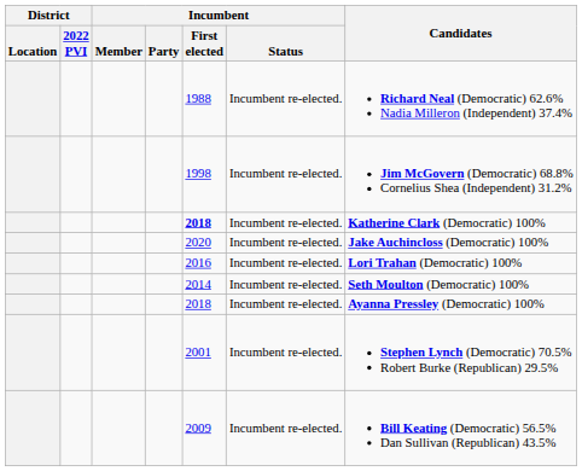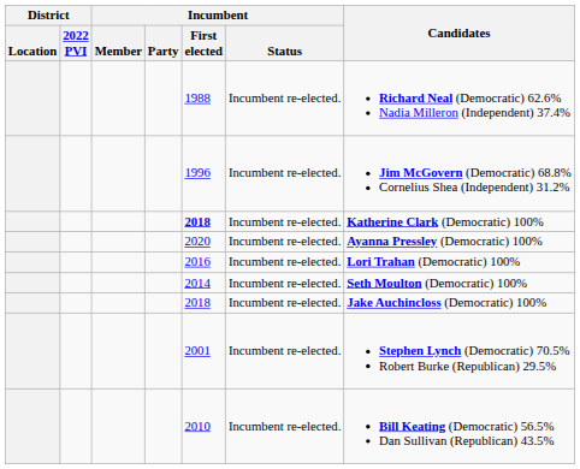 <table class="wikitable sortable">
 <tr>
 <th colspan=2>District</th>
 <th colspan=4>Incumbent</th>
 <th rowspan=2 class="unsortable">Candidates</th>
 </tr>
 <tr valign=bottom>
 <th>Location</th>
 <th><a href='#'>2022<br>PVI</a></th>
 <th>Member</th>
 <th>Party</th>
 <th>First<br>elected</th>
 <th>Status</th>
 </tr>
 <tr>
 <th></th>
 <td></td>
 <td></td>
 <td></td>
 <td><a href='#'>1988</a></td>
 <td>Incumbent re-elected.</td>
 <td nowrap><br><ul><li> <strong><a href='#'>Richard Neal</a></strong> (Democratic) 62.6%</li><li><a href='#'>Nadia Milleron</a> (Independent) 37.4%</li></ul></td>
 </tr>
 <tr>
 <th></th>
 <td></td>
 <td></td>
 <td></td>
-<td><a href='#'>1998</a></td>
+<td><a href='#'>1996</a></td>
 <td>Incumbent re-elected.</td>
 <td nowrap><br><ul><li> <strong><a href='#'>Jim McGovern</a></strong> (Democratic) 68.8%</li><li>Cornelius Shea (Independent) 31.2%</li></ul></td>
 </tr>
 <tr>
 <th></th>
 <td></td>
 <td></td>
 <td></td>
 <td><strong><a href='#'>2018</a></strong></td>
 <td>Incumbent re-elected.</td>
 <td nowrap> <strong><a href='#'>Katherine Clark</a></strong> (Democratic) 100%</td>
 </tr>
 <tr>
 <th></th>
 <td></td>
 <td></td>
 <td></td>
 <td><a href='#'>2020</a></td>
 <td>Incumbent re-elected.</td>
-<td nowrap> <strong><a href='#'>Jake Auchincloss</a></strong> (Democratic) 100%</td>
+<td nowrap> <strong><a href='#'>Ayanna Pressley</a></strong> (Democratic) 100%</td>
 </tr>
 <tr>
 <th></th>
 <td></td>
 <td></td>
 <td></td>
 <td><a href='#'>2016 </a></td>
 <td>Incumbent re-elected.</td>
 <td nowrap> <strong><a href='#'>Lori Trahan</a></strong> (Democratic) 100%</td>
 </tr>
 <tr>
 <th></th>
 <td></td>
 <td></td>
 <td></td>
 <td><a href='#'>2014</a></td>
 <td>Incumbent re-elected.</td>
 <td nowrap> <strong><a href='#'>Seth Moulton</a></strong> (Democratic) 100%</td>
 </tr>
 <tr>
 <th></th>
 <td></td>
 <td></td>
 <td></td>
 <td><a href='#'>2018</a></td>
 <td>Incumbent re-elected.</td>
-<td nowrap> <strong><a href='#'>Ayanna Pressley</a></strong> (Democratic) 100%</td>
+<td nowrap> <strong><a href='#'>Jake Auchincloss</a></strong> (Democratic) 100%</td>
 </tr>
 <tr>
 <th></th>
 <td></td>
 <td></td>
 <td></td>
 <td><a href='#'>2001 </a></td>
 <td>Incumbent re-elected.</td>
 <td nowrap><br><ul><li> <strong><a href='#'>Stephen Lynch</a></strong> (Democratic) 70.5%</li><li>Robert Burke (Republican) 29.5%</li></ul></td>
 </tr>
 <tr>
 <th></th>
 <td></td>
 <td></td>
 <td></td>
-<td><a href='#'>2009</a></td>
+<td><a href='#'>2010</a></td>
 <td>Incumbent re-elected.</td>
 <td nowrap><br><ul><li> <strong><a href='#'>Bill Keating</a></strong> (Democratic) 56.5%</li><li>Dan Sullivan (Republican) 43.5%</li></ul></td>
 </tr>
 </table>
